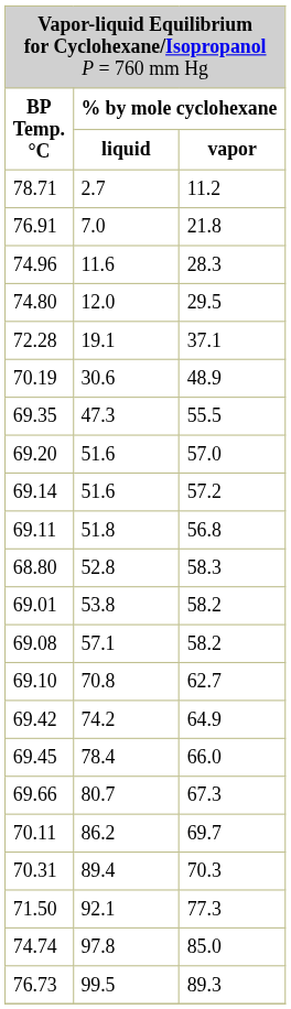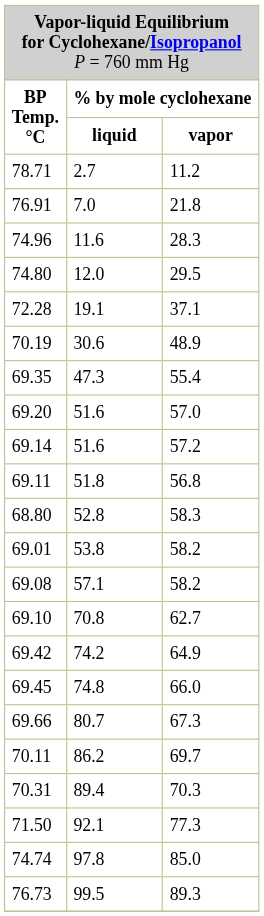 <table border="1" cellspacing="0" cellpadding="6" style="float:left; margin:0.5em 1em 0.5em 0;border-collapse: collapse; border-color: #C0C090;">
 <tr>
 <td bgcolor="#D0D0D0" align="center" colspan="3"><strong>Vapor-liquid Equilibrium<br>for Cyclohexane/<a href='#'>Isopropanol</a></strong><br><em>P</em> = 760 mm Hg</td>
 </tr>
 <tr>
 <th rowspan="2">BP<br>Temp.<br>°C</th>
 <th colspan="2">% by mole cyclohexane</th>
 </tr>
 <tr>
 <th>liquid</th>
 <th>vapor</th>
 </tr>
 <tr>
 <td>78.71</td>
 <td>2.7</td>
 <td>11.2</td>
 </tr>
 <tr>
 <td>76.91</td>
 <td>7.0</td>
 <td>21.8</td>
 </tr>
 <tr>
 <td>74.96</td>
 <td>11.6</td>
 <td>28.3</td>
 </tr>
 <tr>
 <td>74.80</td>
 <td>12.0</td>
 <td>29.5</td>
 </tr>
 <tr>
 <td>72.28</td>
 <td>19.1</td>
 <td>37.1</td>
 </tr>
 <tr>
 <td>70.19</td>
 <td>30.6</td>
 <td>48.9</td>
 </tr>
 <tr>
 <td>69.35</td>
 <td>47.3</td>
-<td>55.5<br></td>
+<td>55.4<br></td>
 </tr>
 <tr>
 <td>69.20</td>
 <td>51.6</td>
 <td>57.0</td>
 </tr>
 <tr>
 <td>69.14</td>
 <td>51.6</td>
 <td>57.2</td>
 </tr>
 <tr>
 <td>69.11</td>
 <td>51.8</td>
 <td>56.8</td>
 </tr>
 <tr>
 <td>68.80</td>
 <td>52.8</td>
 <td>58.3</td>
 </tr>
 <tr>
 <td>69.01</td>
 <td>53.8</td>
 <td>58.2</td>
 </tr>
 <tr>
 <td>69.08</td>
 <td>57.1</td>
 <td>58.2<br> </td>
 </tr>
 <tr>
 <td>69.10</td>
 <td>70.8</td>
 <td>62.7</td>
 </tr>
 <tr>
 <td>69.42</td>
 <td>74.2</td>
 <td>64.9</td>
 </tr>
 <tr>
 <td>69.45</td>
-<td>78.4</td>
+<td>74.8</td>
 <td>66.0</td>
 </tr>
 <tr>
 <td>69.66</td>
 <td>80.7</td>
 <td>67.3</td>
 </tr>
 <tr>
 <td>70.11</td>
 <td>86.2</td>
 <td>69.7</td>
 </tr>
 <tr>
 <td>70.31</td>
 <td>89.4</td>
 <td>70.3</td>
 </tr>
 <tr>
 <td>71.50</td>
 <td>92.1</td>
 <td>77.3</td>
 </tr>
 <tr>
 <td>74.74</td>
 <td>97.8</td>
 <td>85.0<br></td>
 </tr>
 <tr>
 <td>76.73</td>
 <td>99.5</td>
 <td>89.3</td>
 </tr>
 <tr>
 </tr>
 </table>
